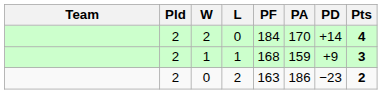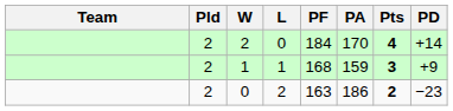 <table class="wikitable" style="text-align:center;">
 <tr>
 <th width=180>Team</th>
 <th width=30>Pld</th>
 <th width=30>W</th>
 <th width=30>L</th>
 <th width=30>PF</th>
 <th width=30>PA</th>
+<th width=30>Pts</th>
 <th width=30>PD</th>
-<th width=30>Pts</th>
 </tr>
 <tr bgcolor="#ccffcc">
 <td align="left"></td>
 <td>2</td>
 <td>2</td>
 <td>0</td>
 <td>184</td>
 <td>170</td>
+<td><strong>4</strong></td>
 <td>+14</td>
-<td><strong>4</strong></td>
 </tr>
 <tr bgcolor="#ccffcc">
 <td align="left"></td>
 <td>2</td>
 <td>1</td>
 <td>1</td>
 <td>168</td>
 <td>159</td>
+<td><strong>3</strong></td>
 <td>+9</td>
-<td><strong>3</strong></td>
 </tr>
 <tr>
 <td align="left"></td>
 <td>2</td>
 <td>0</td>
 <td>2</td>
 <td>163</td>
 <td>186</td>
+<td><strong>2</strong></td>
 <td>−23</td>
-<td><strong>2</strong></td>
 </tr>
 </table>
